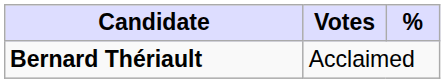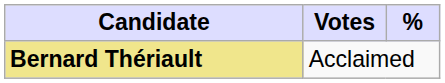 <table class="wikitable">
 <tr>
 <th style="background:#ddf; width:200px;">Candidate</th>
 <th style="background:#ddf; width:50px;">Votes</th>
 <th style="background:#ddf; width:30px;">%</th>
 </tr>
 <tr>
-<td><strong>Bernard Thériault</strong></td>
+<td style="background: khaki;"><strong>Bernard Thériault</strong></td>
 <td colspan="2">Acclaimed</td>
 </tr>
 </table>
